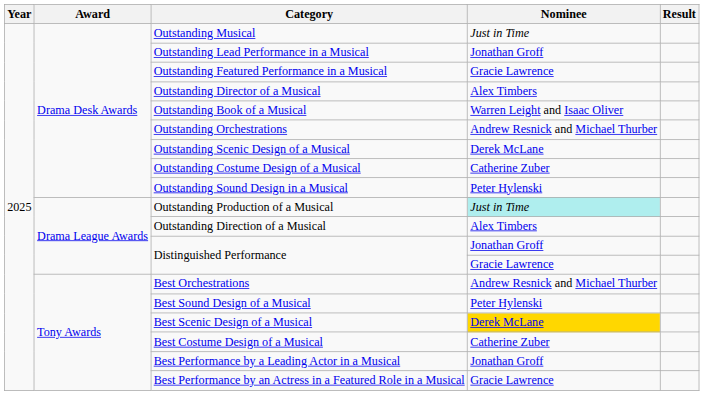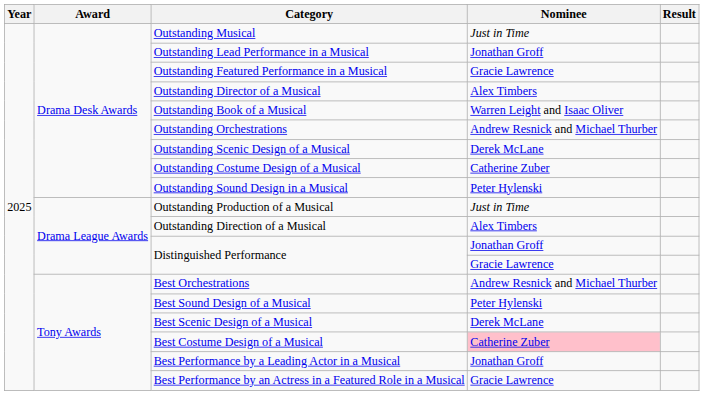 <table class="wikitable" style="white-space:nowrap;">
 <tr>
 <th>Year</th>
 <th>Award</th>
 <th>Category</th>
 <th>Nominee</th>
 <th>Result</th>
 </tr>
 <tr>
 <td rowspan="19">2025</td>
 <td rowspan="9"><a href='#'>Drama Desk Awards</a></td>
 <td><a href='#'>Outstanding Musical</a></td>
 <td><em>Just in Time</em></td>
 <td></td>
 </tr>
 <tr>
 <td><a href='#'>Outstanding Lead Performance in a Musical</a></td>
 <td><a href='#'>Jonathan Groff</a></td>
 <td></td>
 </tr>
 <tr>
 <td><a href='#'>Outstanding Featured Performance in a Musical</a></td>
 <td><a href='#'>Gracie Lawrence</a></td>
 <td></td>
 </tr>
 <tr>
 <td><a href='#'>Outstanding Director of a Musical</a></td>
 <td><a href='#'>Alex Timbers</a></td>
 <td></td>
 </tr>
 <tr>
 <td><a href='#'>Outstanding Book of a Musical</a></td>
 <td><a href='#'>Warren Leight</a> and <a href='#'>Isaac Oliver</a></td>
 <td></td>
 </tr>
 <tr>
 <td><a href='#'>Outstanding Orchestrations</a></td>
 <td><a href='#'>Andrew Resnick</a> and <a href='#'>Michael Thurber</a></td>
 <td></td>
 </tr>
 <tr>
 <td><a href='#'>Outstanding Scenic Design of a Musical</a></td>
 <td><a href='#'>Derek McLane</a></td>
 <td></td>
 </tr>
 <tr>
 <td><a href='#'>Outstanding Costume Design of a Musical</a></td>
 <td><a href='#'>Catherine Zuber</a></td>
 <td></td>
 </tr>
 <tr>
 <td><a href='#'>Outstanding Sound Design in a Musical</a></td>
 <td><a href='#'>Peter Hylenski</a></td>
 <td></td>
 </tr>
 <tr>
 <td rowspan="4"><a href='#'>Drama League Awards</a></td>
 <td>Outstanding Production of a Musical</td>
-<td style="background: paleturquoise;"><em>Just in Time</em></td>
+<td><em>Just in Time</em></td>
 <td></td>
 </tr>
 <tr>
 <td>Outstanding Direction of a Musical</td>
 <td><a href='#'>Alex Timbers</a></td>
 <td></td>
 </tr>
 <tr>
 <td rowspan="2">Distinguished Performance</td>
 <td><a href='#'>Jonathan Groff</a></td>
 <td></td>
 </tr>
 <tr>
 <td><a href='#'>Gracie Lawrence</a></td>
 <td></td>
 </tr>
 <tr>
 <td rowspan="6"><a href='#'>Tony Awards</a></td>
 <td><a href='#'>Best Orchestrations</a></td>
 <td><a href='#'>Andrew Resnick</a> and <a href='#'>Michael Thurber</a></td>
 <td></td>
 </tr>
 <tr>
 <td><a href='#'>Best Sound Design of a Musical</a></td>
 <td><a href='#'>Peter Hylenski</a></td>
 <td></td>
 </tr>
 <tr>
 <td><a href='#'>Best Scenic Design of a Musical</a></td>
-<td style="background: gold;"><a href='#'>Derek McLane</a></td>
+<td><a href='#'>Derek McLane</a></td>
 <td></td>
 </tr>
 <tr>
 <td><a href='#'>Best Costume Design of a Musical</a></td>
-<td><a href='#'>Catherine Zuber</a></td>
+<td style="background: pink;"><a href='#'>Catherine Zuber</a></td>
 <td></td>
 </tr>
 <tr>
 <td><a href='#'>Best Performance by a Leading Actor in a Musical</a></td>
 <td><a href='#'>Jonathan Groff</a></td>
 <td></td>
 </tr>
 <tr>
 <td><a href='#'>Best Performance by an Actress in a Featured Role in a Musical</a></td>
 <td><a href='#'>Gracie Lawrence</a></td>
 <td></td>
 </tr>
 </table>
